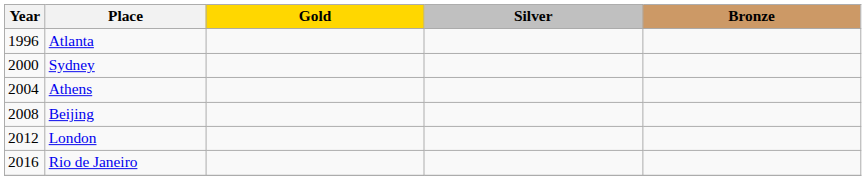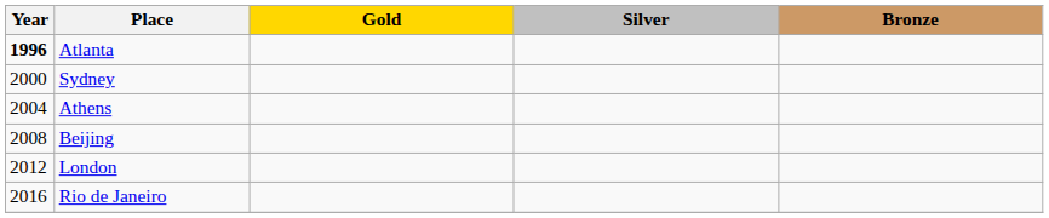 <table class="wikitable">
 <tr>
 <th width="35">Year</th>
 <th width="160">Place</th>
 <th style="background:gold" width="220">Gold</th>
 <th style="background:silver" width="220">Silver</th>
 <th style="background:#cc9966" width="220">Bronze</th>
 </tr>
 <tr>
-<td>1996</td>
+<td><strong>1996</strong></td>
 <td> <a href='#'>Atlanta</a></td>
 <td></td>
 <td></td>
 <td></td>
 </tr>
 <tr>
 <td>2000</td>
 <td> <a href='#'>Sydney</a></td>
 <td></td>
 <td></td>
 <td></td>
 </tr>
 <tr>
 <td>2004</td>
 <td> <a href='#'>Athens</a></td>
 <td></td>
 <td></td>
 <td></td>
 </tr>
 <tr>
 <td>2008</td>
 <td> <a href='#'>Beijing</a></td>
 <td></td>
 <td></td>
 <td></td>
 </tr>
 <tr>
 <td>2012</td>
 <td> <a href='#'>London</a></td>
 <td></td>
 <td></td>
 <td></td>
 </tr>
 <tr>
 <td>2016</td>
 <td> <a href='#'>Rio de Janeiro</a></td>
 <td></td>
 <td></td>
 <td></td>
 </tr>
 <tr>
 </tr>
 </table>
